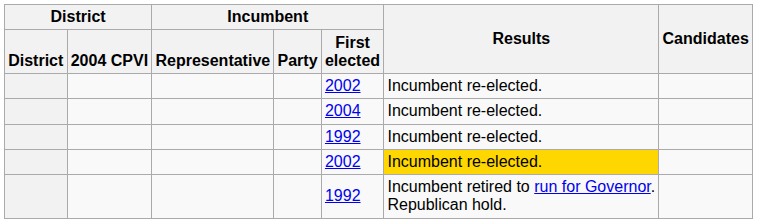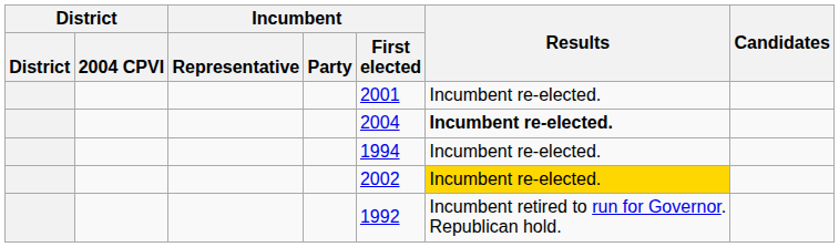 <table class="wikitable sortable">
 <tr>
 <th colspan=2>District</th>
 <th colspan=3>Incumbent</th>
 <th rowspan=2>Results</th>
 <th rowspan=2>Candidates</th>
 </tr>
 <tr valign=bottom>
 <th>District</th>
 <th>2004 CPVI</th>
 <th>Representative</th>
 <th>Party</th>
 <th>First<br>elected</th>
 </tr>
 <tr>
 <th></th>
 <td></td>
 <td></td>
 <td></td>
-<td><a href='#'>2002</a></td>
+<td><a href='#'>2001</a></td>
 <td>Incumbent re-elected.</td>
 <td nowrap></td>
 </tr>
 <tr>
 <th></th>
 <td></td>
 <td></td>
 <td></td>
 <td><a href='#'>2004</a></td>
-<td>Incumbent re-elected.</td>
+<td><strong>Incumbent re-elected.</strong></td>
 <td nowrap></td>
 </tr>
 <tr>
 <th></th>
 <td></td>
 <td></td>
 <td></td>
-<td><a href='#'>1992</a></td>
+<td><a href='#'>1994</a></td>
 <td>Incumbent re-elected.</td>
 <td nowrap></td>
 </tr>
 <tr>
 <th></th>
 <td></td>
 <td></td>
 <td></td>
 <td><a href='#'>2002</a></td>
 <td style="background: gold;">Incumbent re-elected.</td>
 <td nowrap></td>
 </tr>
 <tr>
 <th></th>
 <td></td>
 <td></td>
 <td></td>
 <td><a href='#'>1992</a></td>
 <td>Incumbent retired to <a href='#'>run for Governor</a>.<br>Republican hold.</td>
 <td nowrap></td>
 </tr>
 </table>
